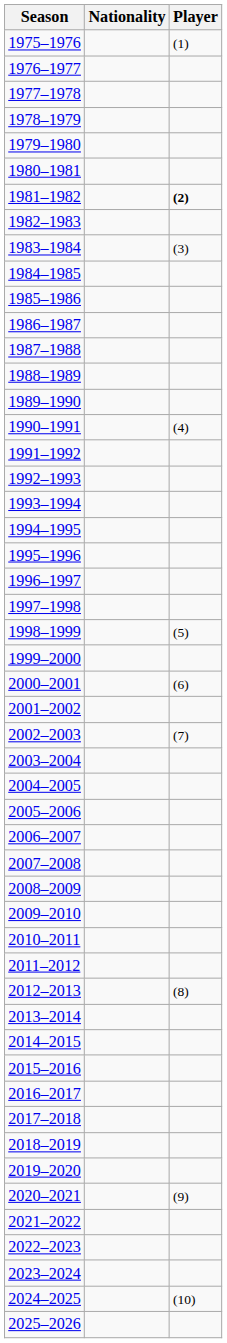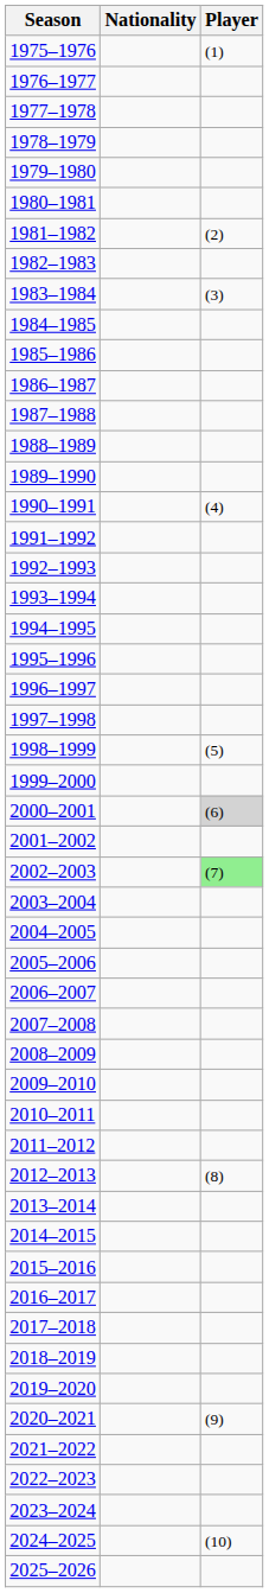 <table class="wikitable sortable">
 <tr>
 <th scope="col">Season</th>
 <th scope="col">Nationality</th>
 <th scope="col">Player</th>
 </tr>
 <tr>
 <td><a href='#'>1975–1976</a></td>
 <td></td>
 <td> <small>(1)</small></td>
 </tr>
 <tr>
 <td><a href='#'>1976–1977</a></td>
 <td></td>
 <td> </td>
 </tr>
 <tr>
 <td><a href='#'>1977–1978</a></td>
 <td></td>
 <td> </td>
 </tr>
 <tr>
 <td><a href='#'>1978–1979</a></td>
 <td></td>
 <td> </td>
 </tr>
 <tr>
 <td><a href='#'>1979–1980</a></td>
 <td></td>
 <td> </td>
 </tr>
 <tr>
 <td><a href='#'>1980–1981</a></td>
 <td></td>
 <td> </td>
 </tr>
 <tr>
 <td><a href='#'>1981–1982</a></td>
 <td></td>
-<td><strong> <small>(2)</small></strong></td>
+<td> <small>(2)</small></td>
 </tr>
 <tr>
 <td><a href='#'>1982–1983</a></td>
 <td></td>
 <td> </td>
 </tr>
 <tr>
 <td><a href='#'>1983–1984</a></td>
 <td></td>
 <td> <small>(3)</small></td>
 </tr>
 <tr>
 <td><a href='#'>1984–1985</a></td>
 <td></td>
 <td> </td>
 </tr>
 <tr>
 <td><a href='#'>1985–1986</a></td>
 <td></td>
 <td> </td>
 </tr>
 <tr>
 <td><a href='#'>1986–1987</a></td>
 <td></td>
 <td> </td>
 </tr>
 <tr>
 <td><a href='#'>1987–1988</a></td>
 <td></td>
 <td> </td>
 </tr>
 <tr>
 <td><a href='#'>1988–1989</a></td>
 <td></td>
 <td> </td>
 </tr>
 <tr>
 <td><a href='#'>1989–1990</a></td>
 <td></td>
 <td> </td>
 </tr>
 <tr>
 <td><a href='#'>1990–1991</a></td>
 <td></td>
 <td> <small>(4)</small></td>
 </tr>
 <tr>
 <td><a href='#'>1991–1992</a></td>
 <td></td>
 <td> </td>
 </tr>
 <tr>
 <td><a href='#'>1992–1993</a></td>
 <td></td>
 <td> </td>
 </tr>
 <tr>
 <td><a href='#'>1993–1994</a></td>
 <td></td>
 <td> </td>
 </tr>
 <tr>
 <td><a href='#'>1994–1995</a></td>
 <td></td>
 <td> </td>
 </tr>
 <tr>
 <td><a href='#'>1995–1996</a></td>
 <td></td>
 <td> </td>
 </tr>
 <tr>
 <td><a href='#'>1996–1997</a></td>
 <td></td>
 <td> </td>
 </tr>
 <tr>
 <td><a href='#'>1997–1998</a></td>
 <td></td>
 <td> </td>
 </tr>
 <tr>
 <td><a href='#'>1998–1999</a></td>
 <td></td>
 <td> <small>(5)</small></td>
 </tr>
 <tr>
 <td><a href='#'>1999–2000</a></td>
 <td></td>
 <td> </td>
 </tr>
 <tr>
 <td><a href='#'>2000–2001</a></td>
 <td></td>
-<td> <small>(6)</small></td>
+<td style="background: lightgrey;"> <small>(6)</small></td>
 </tr>
 <tr>
 <td><a href='#'>2001–2002</a></td>
 <td></td>
 <td> </td>
 </tr>
 <tr>
 <td><a href='#'>2002–2003</a></td>
 <td></td>
-<td> <small>(7)</small></td>
+<td style="background: lightgreen;"> <small>(7)</small></td>
 </tr>
 <tr>
 <td><a href='#'>2003–2004</a></td>
 <td></td>
 <td> </td>
 </tr>
 <tr>
 <td><a href='#'>2004–2005</a></td>
 <td></td>
 <td> </td>
 </tr>
 <tr>
 <td><a href='#'>2005–2006</a></td>
 <td></td>
 <td> </td>
 </tr>
 <tr>
 <td><a href='#'>2006–2007</a></td>
 <td></td>
 <td> </td>
 </tr>
 <tr>
 <td><a href='#'>2007–2008</a></td>
 <td></td>
 <td> </td>
 </tr>
 <tr>
 <td><a href='#'>2008–2009</a></td>
 <td></td>
 <td> </td>
 </tr>
 <tr>
 <td><a href='#'>2009–2010</a></td>
 <td></td>
 <td> </td>
 </tr>
 <tr>
 <td><a href='#'>2010–2011</a></td>
 <td></td>
 <td> </td>
 </tr>
 <tr>
 <td><a href='#'>2011–2012</a></td>
 <td></td>
 <td> </td>
 </tr>
 <tr>
 <td><a href='#'>2012–2013</a></td>
 <td></td>
 <td> <small>(8)</small></td>
 </tr>
 <tr>
 <td><a href='#'>2013–2014</a></td>
 <td></td>
 <td> </td>
 </tr>
 <tr>
 <td><a href='#'>2014–2015</a></td>
 <td></td>
 <td> </td>
 </tr>
 <tr>
 <td><a href='#'>2015–2016</a></td>
 <td></td>
 <td> </td>
 </tr>
 <tr>
 <td><a href='#'>2016–2017</a></td>
 <td></td>
 <td> </td>
 </tr>
 <tr>
 <td><a href='#'>2017–2018</a></td>
 <td></td>
 <td> </td>
 </tr>
 <tr>
 <td><a href='#'>2018–2019</a></td>
 <td></td>
 <td> </td>
 </tr>
 <tr>
 <td><a href='#'>2019–2020</a></td>
 <td></td>
 <td> </td>
 </tr>
 <tr>
 <td><a href='#'>2020–2021</a></td>
 <td></td>
 <td> <small>(9)</small></td>
 </tr>
 <tr>
 <td><a href='#'>2021–2022</a></td>
 <td></td>
 <td> </td>
 </tr>
 <tr>
 <td><a href='#'>2022–2023</a></td>
 <td></td>
 <td> </td>
 </tr>
 <tr>
 <td><a href='#'>2023–2024</a></td>
 <td></td>
 <td> </td>
 </tr>
 <tr>
 <td><a href='#'>2024–2025</a></td>
 <td></td>
 <td> <small>(10)</small></td>
 </tr>
 <tr>
 <td><a href='#'>2025–2026</a></td>
 <td></td>
 <td> </td>
 </tr>
 </table>
